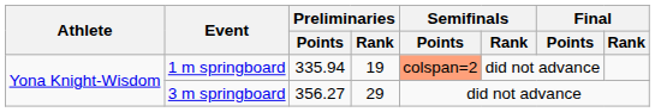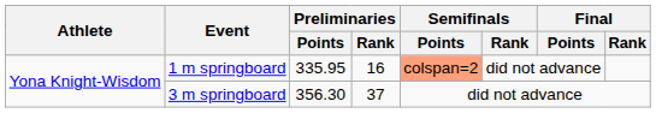 <table class=wikitable style="font-size:90%;">
 <tr>
 <th rowspan="2">Athlete</th>
 <th rowspan="2">Event</th>
 <th colspan="2">Preliminaries</th>
 <th colspan="2">Semifinals</th>
 <th colspan="2">Final</th>
 </tr>
 <tr style="font-size:95%">
 <th>Points</th>
 <th>Rank</th>
 <th>Points</th>
 <th>Rank</th>
 <th>Points</th>
 <th>Rank</th>
 </tr>
 <tr align=center>
 <td align=left rowspan=2><a href='#'>Yona Knight-Wisdom</a></td>
 <td align=left><a href='#'>1 m springboard</a></td>
-<td>335.94</td>
-<td>19</td>
+<td>335.95</td>
+<td>16</td>
 <td style="background: lightsalmon;">colspan=2 </td>
 <td colspan=2>did not advance</td>
 </tr>
 <tr align=center>
 <td align=left><a href='#'>3 m springboard</a></td>
-<td>356.27</td>
-<td>29</td>
+<td>356.30</td>
+<td>37</td>
 <td colspan=4>did not advance</td>
 </tr>
 </table>
